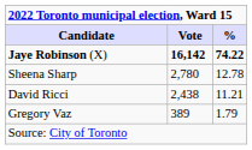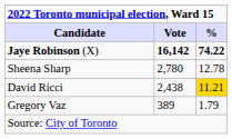 <table class="wikitable">
 <tr>
 <td colspan="3"><strong><a href='#'>2022 Toronto municipal election</a>, Ward 15</strong></td>
 </tr>
 <tr>
 <th style="background:#ddf; width:200px;">Candidate</th>
 <th style="background:#ddf; width:50px;">Vote</th>
 <th style="background:#ddf; width:30px;">%</th>
 </tr>
 <tr>
 <td><strong>Jaye Robinson</strong> (X)</td>
 <td><strong>16,142</strong></td>
 <td><strong>74.22</strong></td>
 </tr>
 <tr>
 <td>Sheena Sharp</td>
 <td>2,780</td>
 <td>12.78</td>
 </tr>
 <tr>
 <td>David Ricci</td>
 <td>2,438</td>
-<td>11.21</td>
+<td style="background: gold;">11.21</td>
 </tr>
 <tr>
 <td>Gregory Vaz</td>
 <td>389</td>
 <td>1.79</td>
 </tr>
 <tr>
 <td colspan="3">Source: <a href='#'>City of Toronto</a></td>
 </tr>
 </table>
